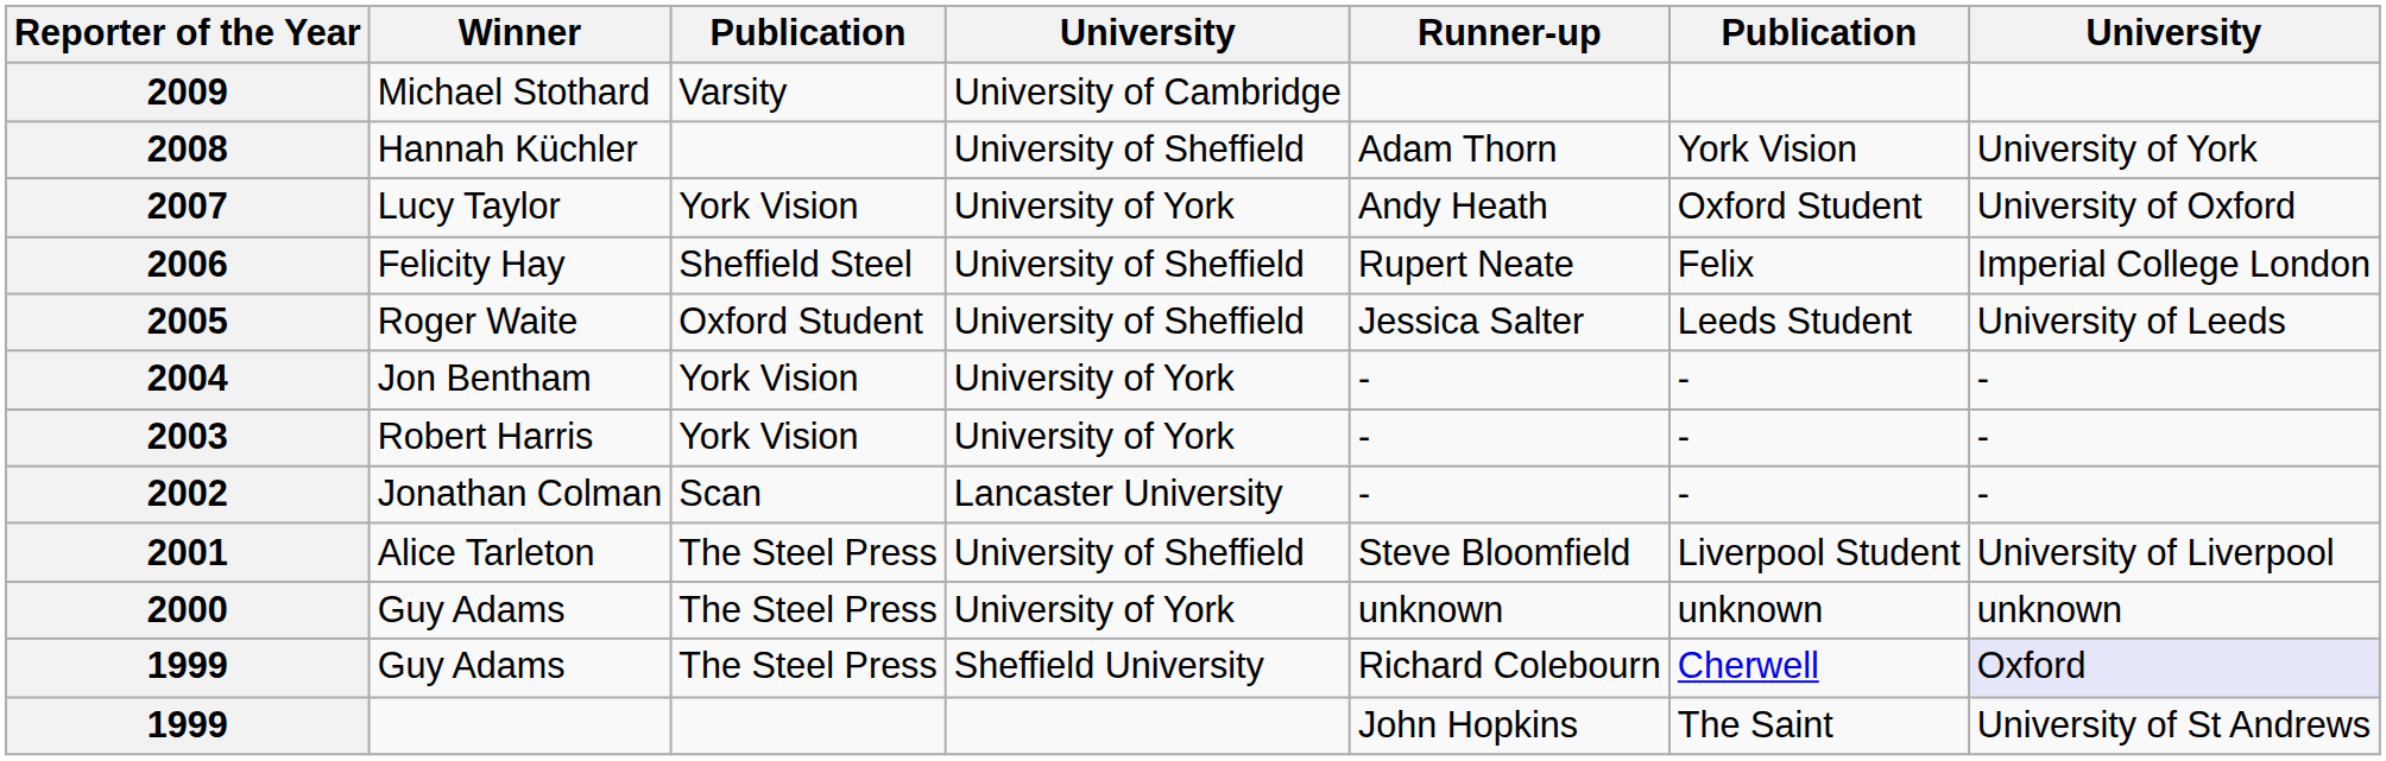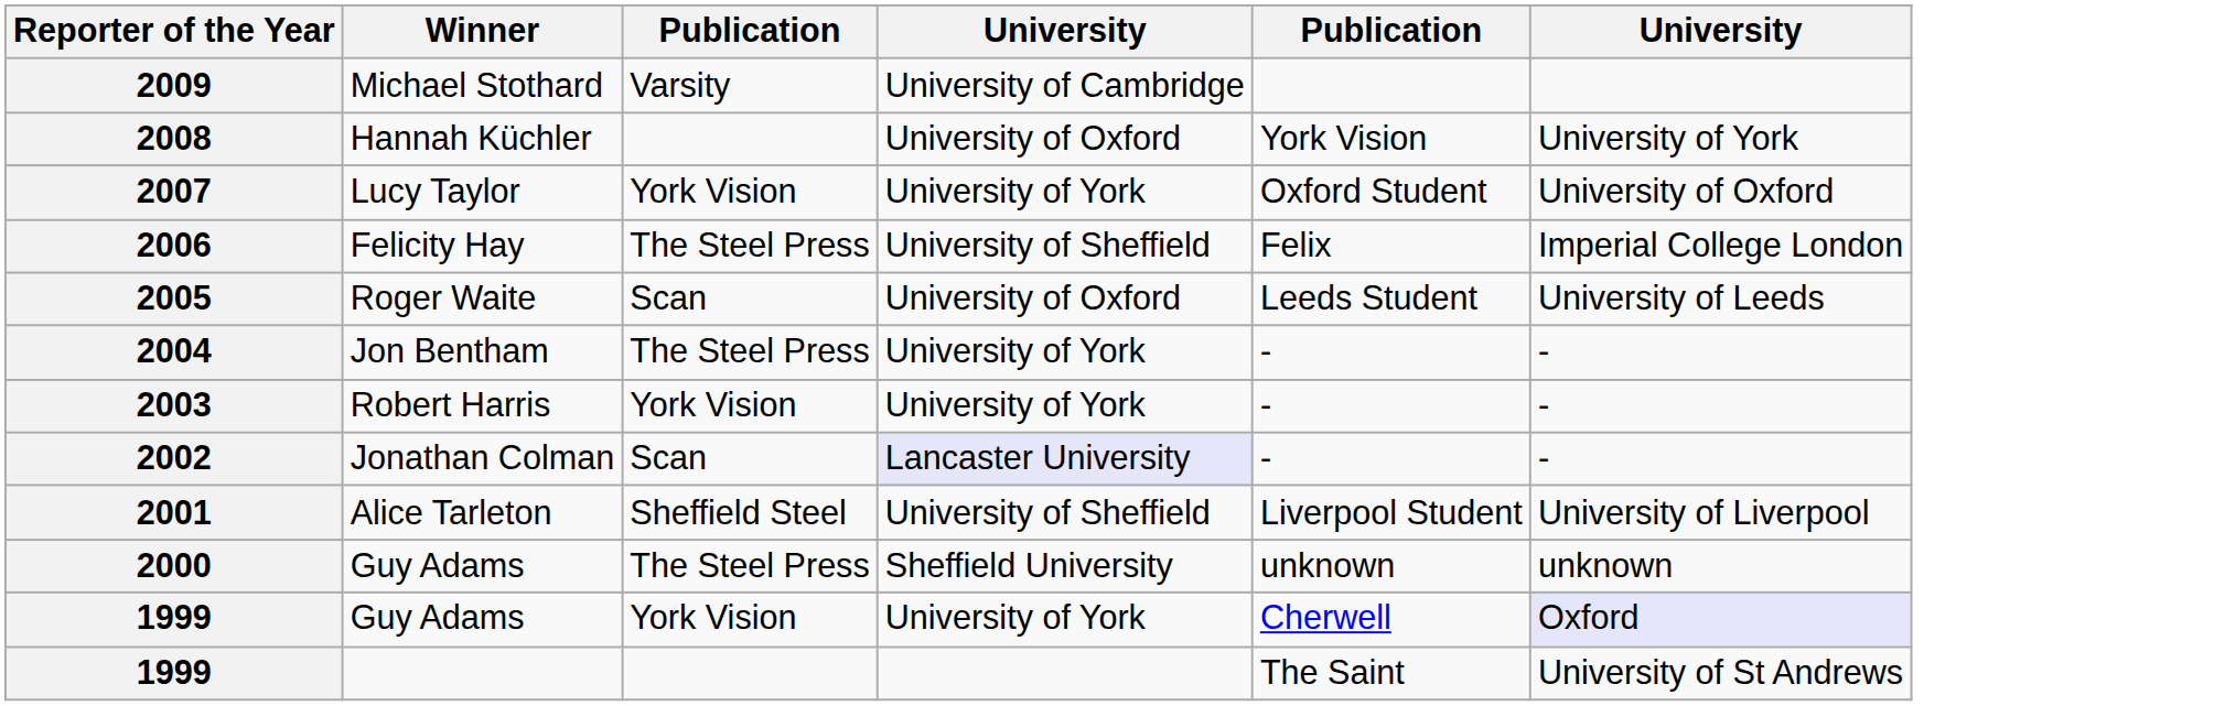 <table class="wikitable" style="font-align: center">
 <tr>
 <th>Reporter of the Year</th>
 <th>Winner</th>
 <th>Publication</th>
 <th>University</th>
-<th>Runner-up</th>
 <th>Publication</th>
 <th>University</th>
 </tr>
 <tr>
 <th>2009</th>
 <td>Michael Stothard</td>
 <td>Varsity</td>
 <td>University of Cambridge</td>
 <td></td>
 <td></td>
-<td></td>
 </tr>
 <tr>
 <th>2008</th>
 <td>Hannah Küchler</td>
 <td></td>
-<td>University of Sheffield</td>
-<td>Adam Thorn</td>
+<td>University of Oxford</td>
 <td>York Vision</td>
 <td>University of York</td>
 </tr>
 <tr>
 <th>2007</th>
 <td>Lucy Taylor</td>
 <td>York Vision</td>
 <td>University of York</td>
-<td>Andy Heath</td>
 <td>Oxford Student</td>
 <td>University of Oxford</td>
 </tr>
 <tr>
 <th>2006</th>
 <td>Felicity Hay</td>
-<td>Sheffield Steel</td>
+<td>The Steel Press</td>
 <td>University of Sheffield</td>
-<td>Rupert Neate</td>
 <td>Felix</td>
 <td>Imperial College London</td>
 </tr>
 <tr>
 <th>2005</th>
 <td>Roger Waite</td>
-<td>Oxford Student</td>
-<td>University of Sheffield</td>
-<td>Jessica Salter</td>
+<td>Scan</td>
+<td>University of Oxford</td>
 <td>Leeds Student</td>
 <td>University of Leeds</td>
 </tr>
 <tr>
 <th>2004</th>
 <td>Jon Bentham</td>
-<td>York Vision</td>
+<td>The Steel Press</td>
 <td>University of York</td>
-<td>-</td>
 <td>-</td>
 <td>-</td>
 </tr>
 <tr>
 <th>2003</th>
 <td>Robert Harris</td>
 <td>York Vision</td>
 <td>University of York</td>
 <td>-</td>
 <td>-</td>
-<td>-</td>
 </tr>
 <tr>
 <th>2002</th>
 <td>Jonathan Colman</td>
 <td>Scan</td>
-<td>Lancaster University</td>
-<td>-</td>
+<td style="background: lavender;">Lancaster University</td>
 <td>-</td>
 <td>-</td>
 </tr>
 <tr>
 <th>2001</th>
 <td>Alice Tarleton</td>
-<td>The Steel Press</td>
+<td>Sheffield Steel</td>
 <td>University of Sheffield</td>
-<td>Steve Bloomfield</td>
 <td>Liverpool Student</td>
 <td>University of Liverpool</td>
 </tr>
 <tr>
 <th>2000</th>
 <td>Guy Adams</td>
 <td>The Steel Press</td>
-<td>University of York</td>
-<td>unknown</td>
+<td>Sheffield University</td>
 <td>unknown</td>
 <td>unknown</td>
 </tr>
 <tr>
 <th>1999</th>
 <td>Guy Adams</td>
-<td>The Steel Press</td>
-<td>Sheffield University</td>
-<td>Richard Colebourn</td>
+<td>York Vision</td>
+<td>University of York</td>
 <td><a href='#'>Cherwell</a></td>
 <td style="background: lavender;">Oxford</td>
 </tr>
 <tr>
 <th>1999</th>
 <td></td>
 <td></td>
 <td></td>
-<td>John Hopkins</td>
 <td>The Saint</td>
 <td>University of St Andrews</td>
 </tr>
 </table>
